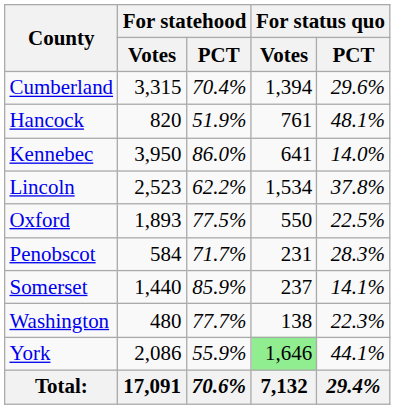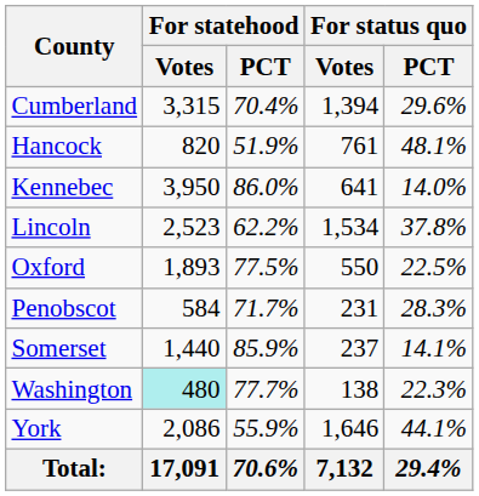 <table class="wikitable sortable" style="text-align: right">
 <tr>
 <th rowspan="2">County</th>
 <th colspan="2">For statehood</th>
 <th colspan="2">For status quo</th>
 </tr>
 <tr a>
 <th>Votes</th>
 <th><abbr>PCT</abbr></th>
 <th>Votes</th>
 <th><abbr>PCT</abbr></th>
 </tr>
 <tr>
 <td align=left><a href='#'>Cumberland</a></td>
 <td>3,315</td>
 <td><em>70.4%</em></td>
 <td>1,394</td>
 <td><em>29.6%</em></td>
 </tr>
 <tr>
 <td align=left><a href='#'>Hancock</a></td>
 <td>820</td>
 <td><em>51.9%</em></td>
 <td>761</td>
 <td><em>48.1%</em></td>
 </tr>
 <tr>
 <td align=left><a href='#'>Kennebec</a></td>
 <td>3,950</td>
 <td><em>86.0%</em></td>
 <td>641</td>
 <td><em>14.0%</em></td>
 </tr>
 <tr>
 <td align=left><a href='#'>Lincoln</a></td>
 <td>2,523</td>
 <td><em>62.2%</em></td>
 <td>1,534</td>
 <td><em>37.8%</em></td>
 </tr>
 <tr>
 <td align=left><a href='#'>Oxford</a></td>
 <td>1,893</td>
 <td><em>77.5%</em></td>
 <td>550</td>
 <td><em>22.5%</em></td>
 </tr>
 <tr>
 <td align=left><a href='#'>Penobscot</a></td>
 <td>584</td>
 <td><em>71.7%</em></td>
 <td>231</td>
 <td><em>28.3%</em></td>
 </tr>
 <tr>
 <td align=left><a href='#'>Somerset</a></td>
 <td>1,440</td>
 <td><em>85.9%</em></td>
 <td>237</td>
 <td><em>14.1%</em></td>
 </tr>
 <tr>
 <td align=left><a href='#'>Washington</a></td>
-<td>480</td>
+<td style="background: paleturquoise;">480</td>
 <td><em>77.7%</em></td>
 <td>138</td>
 <td><em>22.3%</em></td>
 </tr>
 <tr>
 <td align=left><a href='#'>York</a></td>
 <td>2,086</td>
 <td><em>55.9%</em></td>
-<td style="background: lightgreen;">1,646</td>
+<td>1,646</td>
 <td><em>44.1%</em></td>
 </tr>
 <tr>
 <th align=left><strong>Total:</strong></th>
 <th><strong>17,091</strong></th>
 <th><strong><em>70.6%</em></strong></th>
 <th><strong>7,132</strong></th>
 <th><strong><em>29.4%</em></strong></th>
 </tr>
 </table>
